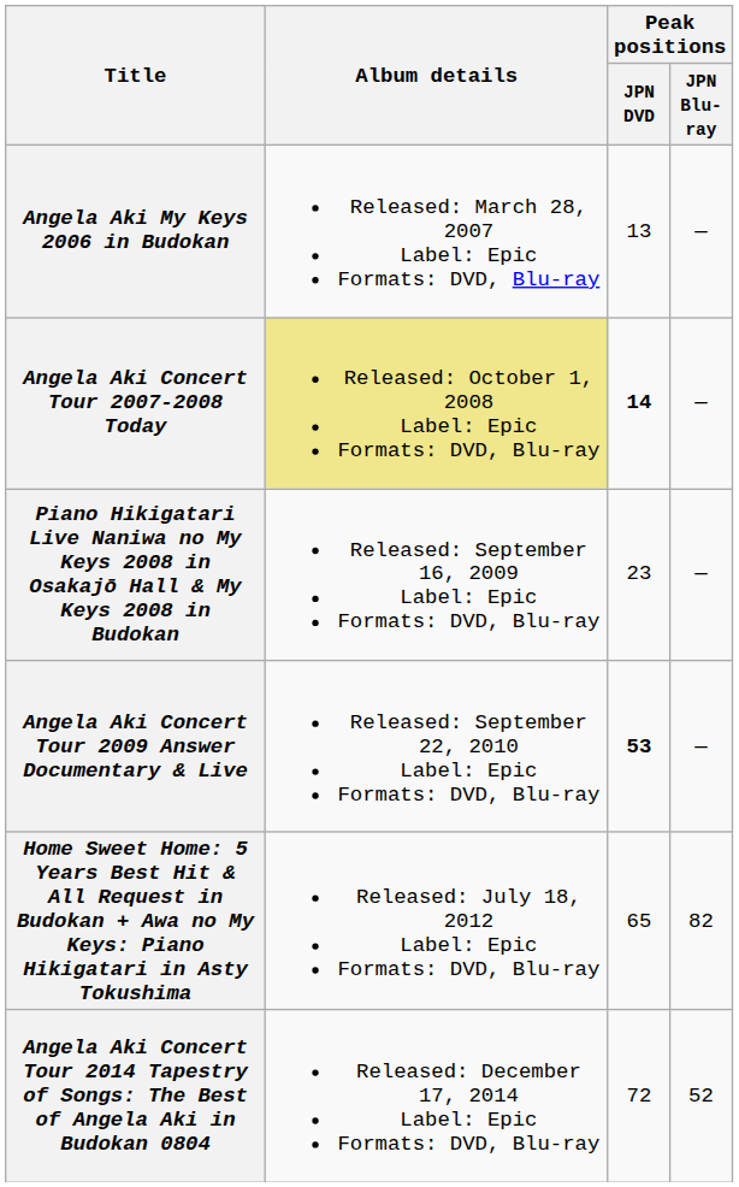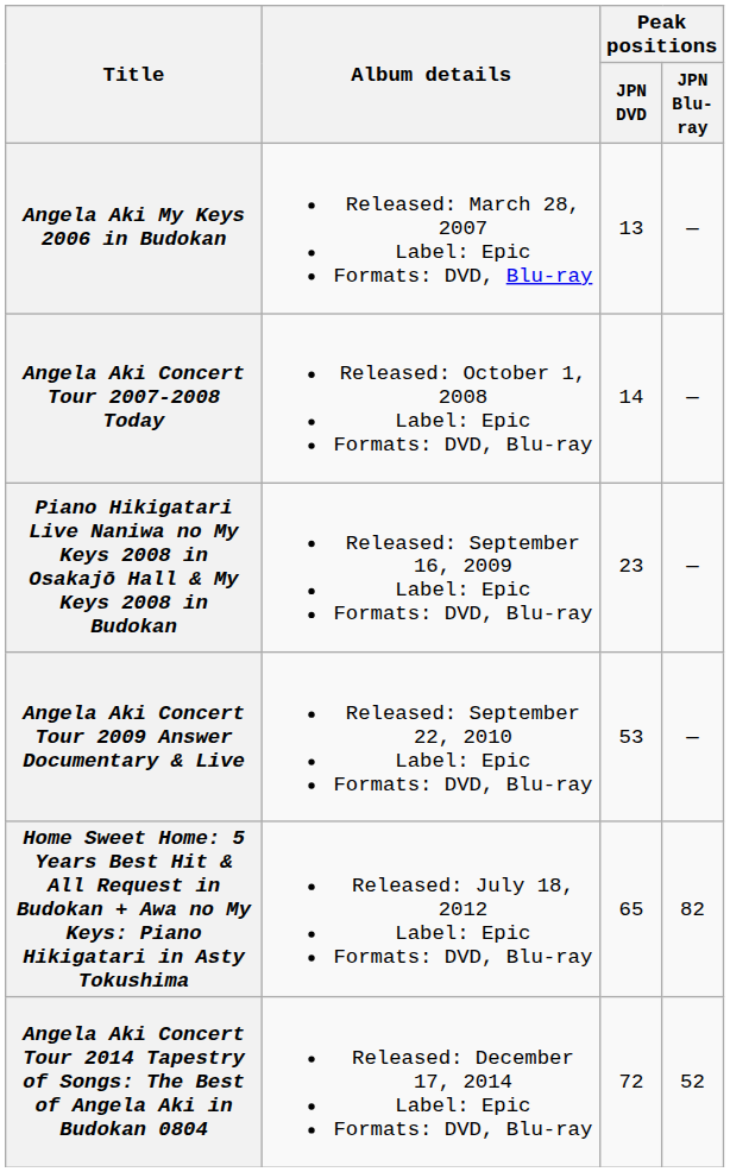 <table class="wikitable plainrowheaders" style="text-align:center;" border="1">
 <tr>
 <th style="width:12em;" rowspan="2">Title</th>
 <th style="width:16em;" rowspan="2">Album details</th>
 <th colspan="2">Peak positions</th>
 </tr>
 <tr>
 <th style="width:2.5em;"><small>JPN DVD</small><br></th>
 <th style="width:2.5em;"><small>JPN Blu-ray</small><br></th>
 </tr>
 <tr>
 <th scope="row"><em>Angela Aki My Keys 2006 in Budokan</em></th>
 <td><br><ul><li>Released: March 28, 2007 </li><li>Label: Epic</li><li>Formats: DVD, <a href='#'>Blu-ray</a></li></ul></td>
 <td>13</td>
 <td>—</td>
 </tr>
 <tr>
 <th scope="row"><em>Angela Aki Concert Tour 2007-2008 Today</em></th>
-<td style="background: khaki;"><br><ul><li>Released: October 1, 2008 </li><li>Label: Epic</li><li>Formats: DVD, Blu-ray</li></ul></td>
-<td><strong>14</strong></td>
+<td><br><ul><li>Released: October 1, 2008 </li><li>Label: Epic</li><li>Formats: DVD, Blu-ray</li></ul></td>
+<td>14</td>
 <td>—</td>
 </tr>
 <tr>
 <th scope="row"><em>Piano Hikigatari Live Naniwa no My Keys 2008 in Osakajō Hall & My Keys 2008 in Budokan</em></th>
 <td><br><ul><li>Released: September 16, 2009 </li><li>Label: Epic</li><li>Formats: DVD, Blu-ray</li></ul></td>
 <td>23</td>
 <td>—</td>
 </tr>
 <tr>
 <th scope="row"><em>Angela Aki Concert Tour 2009 Answer Documentary & Live</em></th>
 <td><br><ul><li>Released: September 22, 2010 </li><li>Label: Epic</li><li>Formats: DVD, Blu-ray</li></ul></td>
-<td><strong>53</strong></td>
+<td>53</td>
 <td>—</td>
 </tr>
 <tr>
 <th scope="row"><em>Home Sweet Home: 5 Years Best Hit & All Request in Budokan + Awa no My Keys: Piano Hikigatari in Asty Tokushima</em></th>
 <td><br><ul><li>Released: July 18, 2012 </li><li>Label: Epic</li><li>Formats: DVD, Blu-ray</li></ul></td>
 <td>65</td>
 <td>82</td>
 </tr>
 <tr>
 <th scope="row"><em>Angela Aki Concert Tour 2014 Tapestry of Songs: The Best of Angela Aki in Budokan 0804</em></th>
 <td><br><ul><li>Released: December 17, 2014 </li><li>Label: Epic</li><li>Formats: DVD, Blu-ray</li></ul></td>
 <td>72</td>
 <td>52</td>
 </tr>
 </table>
